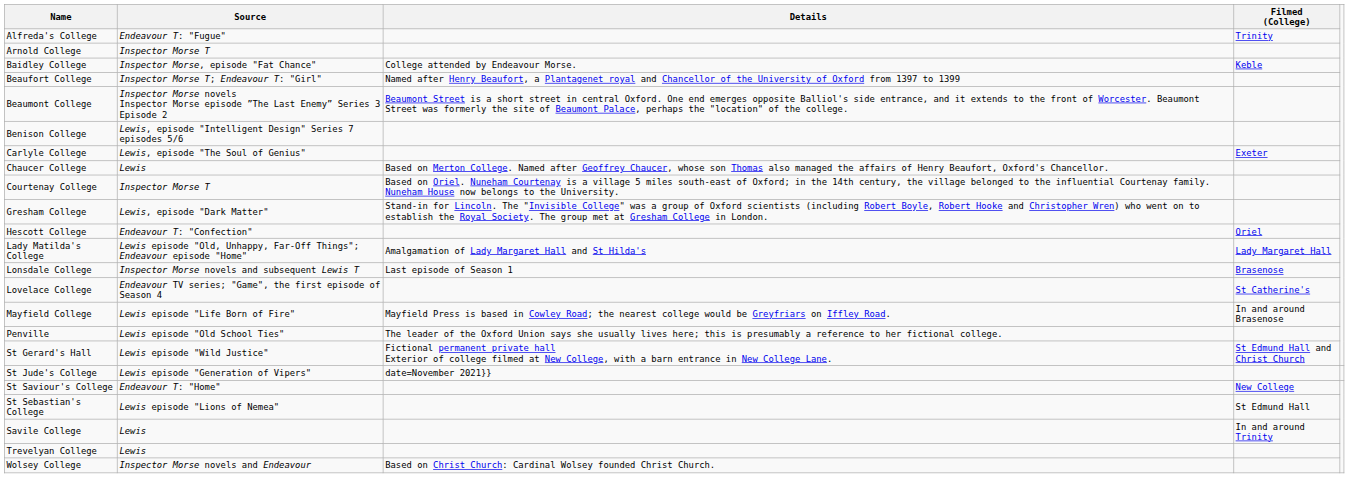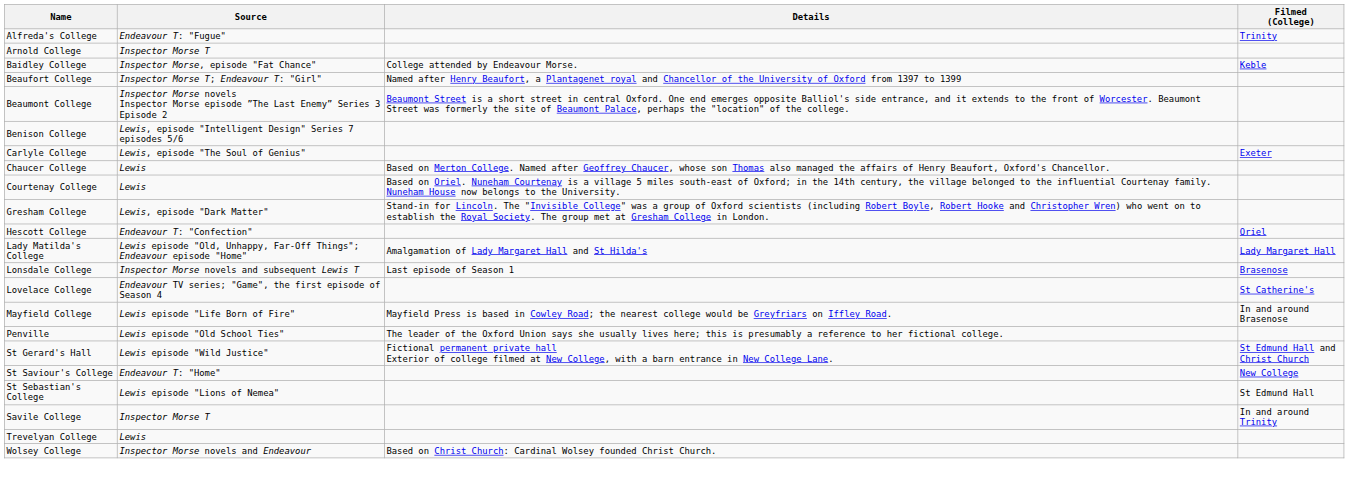 <table class="wikitable">
 <tr>
 <th width="160pt">Name</th>
 <th>Source</th>
 <th>Details</th>
 <th width="150pt">Filmed<br>(College)</th>
 </tr>
 <tr>
 <td>Alfreda's College</td>
 <td><em>Endeavour T</em>: "Fugue"</td>
 <td></td>
 <td><a href='#'>Trinity</a></td>
 </tr>
 <tr>
 <td>Arnold College</td>
 <td><em>Inspector Morse T</em></td>
 <td></td>
 <td></td>
 </tr>
 <tr>
 <td>Baidley College</td>
 <td><em>Inspector Morse</em>, episode "Fat Chance"</td>
 <td>College attended by Endeavour Morse.</td>
 <td><a href='#'>Keble</a></td>
 </tr>
 <tr>
 <td>Beaufort College</td>
 <td><em>Inspector Morse T</em>; <em>Endeavour T</em>: "Girl"</td>
 <td>Named after <a href='#'>Henry Beaufort</a>, a <a href='#'>Plantagenet royal</a> and <a href='#'>Chancellor of the University of Oxford</a> from 1397 to 1399</td>
 <td></td>
 </tr>
 <tr>
 <td>Beaumont College</td>
 <td><em>Inspector Morse</em> novels<br>Inspector Morse episode ”The Last Enemy” Series 3 Episode 2</td>
 <td><a href='#'>Beaumont Street</a> is a short street in central Oxford. One end emerges opposite Balliol's side entrance, and it extends to the front of <a href='#'>Worcester</a>. Beaumont Street was formerly the site of <a href='#'>Beaumont Palace</a>, perhaps the "location" of the college.</td>
 <td></td>
 </tr>
 <tr>
 <td>Benison College</td>
 <td><em>Lewis</em>, episode "Intelligent Design" Series 7 episodes 5/6</td>
 <td></td>
 <td></td>
 </tr>
 <tr>
 <td>Carlyle College</td>
 <td><em>Lewis</em>, episode "The Soul of Genius"</td>
 <td></td>
 <td><a href='#'>Exeter</a></td>
 </tr>
 <tr>
 <td>Chaucer College</td>
 <td><em>Lewis</em></td>
 <td>Based on <a href='#'>Merton College</a>. Named after <a href='#'>Geoffrey Chaucer</a>, whose son <a href='#'>Thomas</a> also managed the affairs of Henry Beaufort, Oxford's Chancellor.</td>
 <td></td>
 </tr>
 <tr>
 <td>Courtenay College</td>
-<td><em>Inspector Morse T</em></td>
+<td><em>Lewis</em></td>
 <td>Based on <a href='#'>Oriel</a>. <a href='#'>Nuneham Courtenay</a> is a village 5 miles south-east of Oxford; in the 14th century, the village belonged to the influential Courtenay family. <a href='#'>Nuneham House</a> now belongs to the University.</td>
 <td></td>
 </tr>
 <tr>
 <td>Gresham College</td>
 <td><em>Lewis</em>, episode "Dark Matter"</td>
 <td>Stand-in for <a href='#'>Lincoln</a>. The "<a href='#'>Invisible College</a>" was a group of Oxford scientists (including <a href='#'>Robert Boyle</a>, <a href='#'>Robert Hooke</a> and <a href='#'>Christopher Wren</a>) who went on to establish the <a href='#'>Royal Society</a>. The group met at <a href='#'>Gresham College</a> in London.</td>
 <td></td>
 </tr>
 <tr>
 <td>Hescott College</td>
 <td><em>Endeavour T</em>: "Confection"</td>
 <td></td>
 <td><a href='#'>Oriel</a></td>
 </tr>
 <tr>
 <td>Lady Matilda's College</td>
 <td><em>Lewis</em> episode "Old, Unhappy, Far-Off Things"; <em>Endeavour</em> episode "Home"</td>
 <td>Amalgamation of <a href='#'>Lady Margaret Hall</a> and <a href='#'>St Hilda's</a></td>
 <td><a href='#'>Lady Margaret Hall</a></td>
 </tr>
 <tr>
 <td>Lonsdale College</td>
 <td><em>Inspector Morse</em> novels and subsequent <em>Lewis T</em></td>
 <td>Last episode of Season 1</td>
 <td><a href='#'>Brasenose</a></td>
 </tr>
 <tr>
 <td>Lovelace College</td>
 <td><em>Endeavour</em> TV series; "Game", the first episode of Season 4</td>
 <td></td>
 <td><a href='#'>St Catherine's</a></td>
 </tr>
 <tr>
 <td>Mayfield College</td>
 <td><em>Lewis</em> episode "Life Born of Fire"</td>
 <td>Mayfield Press is based in <a href='#'>Cowley Road</a>; the nearest college would be <a href='#'>Greyfriars</a> on <a href='#'>Iffley Road</a>.</td>
 <td>In and around Brasenose</td>
 </tr>
 <tr>
 <td>Penville</td>
 <td><em>Lewis</em> episode "Old School Ties"</td>
 <td>The leader of the Oxford Union says she usually lives here; this is presumably a reference to her fictional college.</td>
 <td></td>
 </tr>
 <tr>
 <td>St Gerard's Hall</td>
 <td><em>Lewis</em> episode "Wild Justice"</td>
 <td>Fictional <a href='#'>permanent private hall</a><br>Exterior of college filmed at <a href='#'>New College</a>, with a barn entrance in <a href='#'>New College Lane</a>.</td>
 <td><a href='#'>St Edmund Hall</a> and <a href='#'>Christ Church</a></td>
 </tr>
 <tr>
-<td>St Jude's College</td>
-<td><em>Lewis</em> episode "Generation of Vipers"</td>
-<td>date=November 2021}}</td>
-<td></td>
-<td></td>
-</tr>
-<tr>
 <td>St Saviour's College</td>
 <td><em>Endeavour T</em>: "Home"</td>
 <td></td>
 <td><a href='#'>New College</a></td>
 </tr>
 <tr>
 <td>St Sebastian's College</td>
 <td><em>Lewis</em> episode "Lions of Nemea"</td>
 <td></td>
 <td>St Edmund Hall</td>
 </tr>
 <tr>
 <td>Savile College</td>
-<td><em>Lewis</em></td>
+<td><em>Inspector Morse T</em></td>
 <td></td>
 <td>In and around <a href='#'>Trinity</a></td>
 </tr>
 <tr>
 <td>Trevelyan College</td>
 <td><em>Lewis</em></td>
 <td></td>
 <td></td>
 </tr>
 <tr>
 <td>Wolsey College</td>
 <td><em>Inspector Morse</em> novels and <em>Endeavour</em></td>
 <td>Based on <a href='#'>Christ Church</a>: Cardinal Wolsey founded Christ Church.</td>
 <td></td>
 </tr>
 </table>
